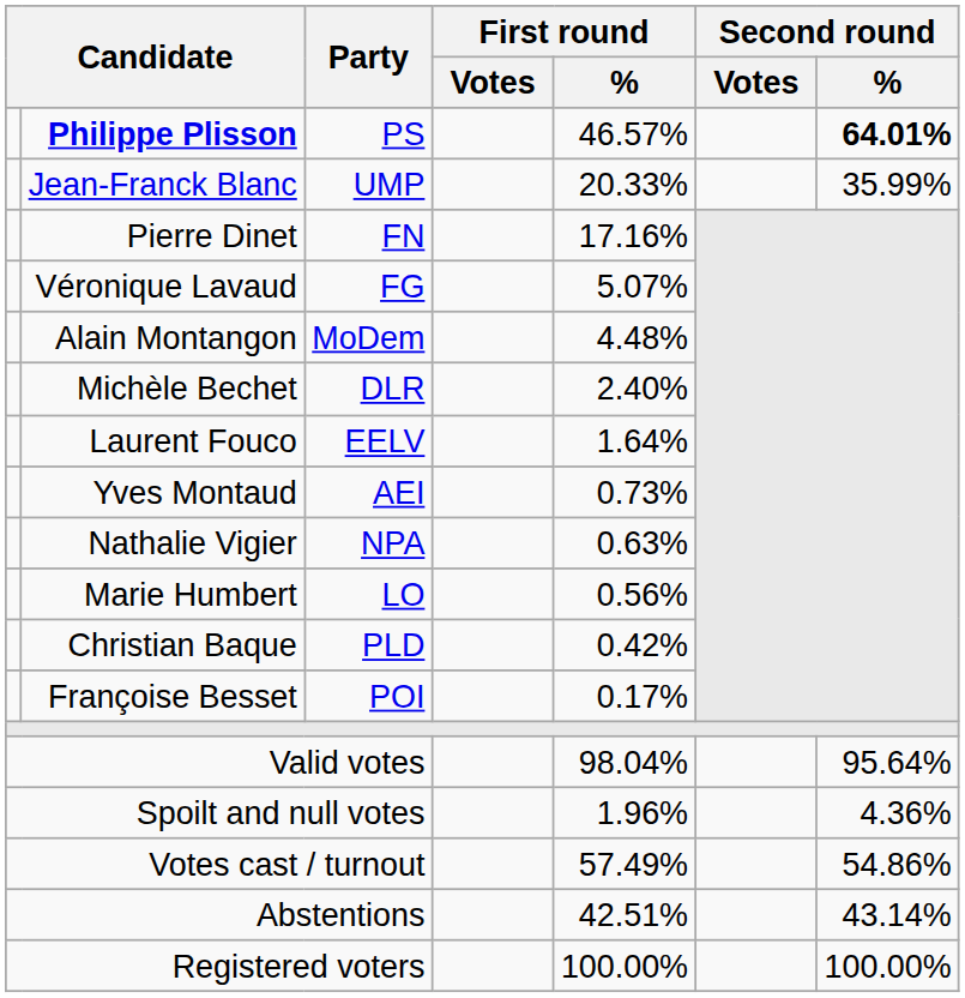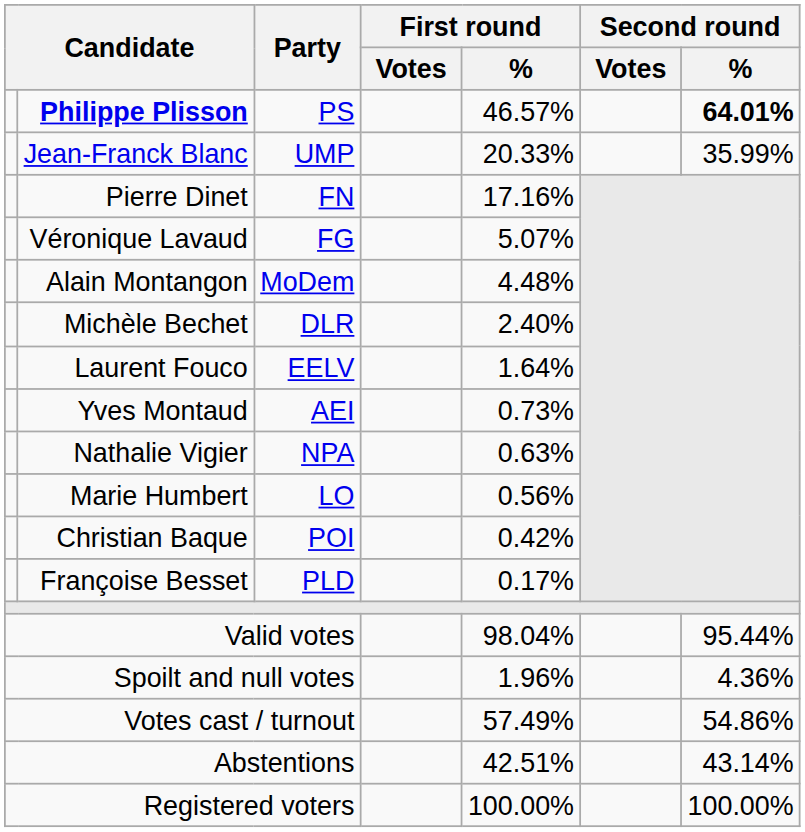 <table class="wikitable" style="text-align:right;font-size:95%;">
 <tr>
 <th colspan="2" rowspan="2">Candidate</th>
 <th colspan="1" rowspan="2">Party</th>
 <th colspan="2">First round</th>
 <th colspan="2">Second round</th>
 </tr>
 <tr>
 <th style="width:50px;">Votes</th>
 <th style="width:55px;">%</th>
 <th style="width:50px;">Votes</th>
 <th style="width:55px;">%</th>
 </tr>
 <tr>
 <td style="color:inherit;background-color:"></td>
 <td><strong><a href='#'>Philippe Plisson</a></strong></td>
 <td><a href='#'>PS</a></td>
 <td></td>
 <td>46.57%</td>
 <td><strong></strong></td>
 <td><strong>64.01%</strong></td>
 </tr>
 <tr>
 <td style="color:inherit;background-color:"></td>
 <td><a href='#'>Jean-Franck Blanc</a></td>
 <td><a href='#'>UMP</a></td>
 <td></td>
 <td>20.33%</td>
 <td></td>
 <td>35.99%</td>
 </tr>
 <tr>
 <td style="color:inherit;background-color:"></td>
 <td>Pierre Dinet</td>
 <td><a href='#'>FN</a></td>
 <td></td>
 <td>17.16%</td>
 <td colspan="7" rowspan="10" style="background-color:#E9E9E9;"></td>
 </tr>
 <tr>
 <td style="color:inherit;background-color:"></td>
 <td>Véronique Lavaud</td>
 <td><a href='#'>FG</a></td>
 <td></td>
 <td>5.07%</td>
 </tr>
 <tr>
 <td style="color:inherit;background-color:"></td>
 <td>Alain Montangon</td>
 <td><a href='#'>MoDem</a></td>
 <td></td>
 <td>4.48%</td>
 </tr>
 <tr>
 <td style="color:inherit;background-color:"></td>
 <td>Michèle Bechet</td>
 <td><a href='#'>DLR</a></td>
 <td></td>
 <td>2.40%</td>
 </tr>
 <tr>
 <td style="color:inherit;background-color:"></td>
 <td>Laurent Fouco</td>
 <td><a href='#'>EELV</a></td>
 <td></td>
 <td>1.64%</td>
 </tr>
 <tr>
 <td style="color:inherit;background-color:"></td>
 <td>Yves Montaud</td>
 <td><a href='#'>AEI</a></td>
 <td></td>
 <td>0.73%</td>
 </tr>
 <tr>
 <td style="color:inherit;background-color:"></td>
 <td>Nathalie Vigier</td>
 <td><a href='#'>NPA</a></td>
 <td></td>
 <td>0.63%</td>
 </tr>
 <tr>
 <td style="color:inherit;background-color:"></td>
 <td>Marie Humbert</td>
 <td><a href='#'>LO</a></td>
 <td></td>
 <td>0.56%</td>
 </tr>
 <tr>
 <td style="color:inherit;background-color:"></td>
 <td>Christian Baque</td>
-<td><a href='#'>PLD</a></td>
+<td><a href='#'>POI</a></td>
 <td></td>
 <td>0.42%</td>
 </tr>
 <tr>
 <td style="color:inherit;background-color:"></td>
 <td>Françoise Besset</td>
-<td><a href='#'>POI</a></td>
+<td><a href='#'>PLD</a></td>
 <td></td>
 <td>0.17%</td>
 </tr>
 <tr>
 <td colspan="7" style="background-color:#E9E9E9;"></td>
 </tr>
 <tr>
 <td colspan="3">Valid votes</td>
 <td></td>
 <td>98.04%</td>
 <td></td>
-<td>95.64%</td>
+<td>95.44%</td>
 </tr>
 <tr>
 <td colspan="3">Spoilt and null votes</td>
 <td></td>
 <td>1.96%</td>
 <td></td>
 <td>4.36%</td>
 </tr>
 <tr>
 <td colspan="3">Votes cast / turnout</td>
 <td></td>
 <td>57.49%</td>
 <td></td>
 <td>54.86%</td>
 </tr>
 <tr>
 <td colspan="3">Abstentions</td>
 <td></td>
 <td>42.51%</td>
 <td></td>
 <td>43.14%</td>
 </tr>
 <tr>
 <td colspan="3">Registered voters</td>
 <td></td>
 <td>100.00%</td>
 <td></td>
 <td>100.00%</td>
 </tr>
 </table>
